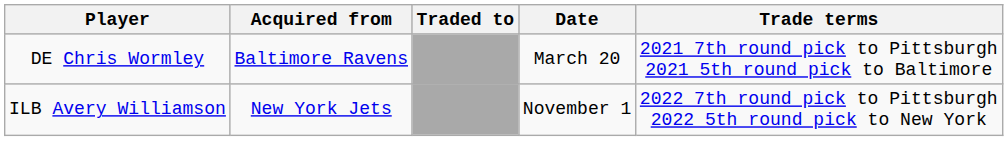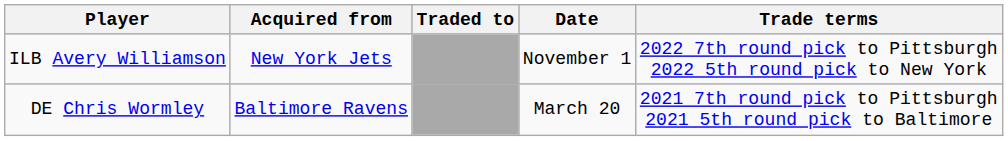 <table class="wikitable" style="text-align:center">
 <tr>
 <th>Player</th>
 <th>Acquired from</th>
 <th>Traded to</th>
 <th>Date</th>
 <th>Trade terms</th>
 </tr>
 <tr>
+<td>ILB <a href='#'>Avery Williamson</a></td>
+<td><a href='#'>New York Jets</a></td>
+<td style="background:darkgray"></td>
+<td>November 1</td>
+<td><a href='#'>2022 7th round pick</a> to Pittsburgh<br><a href='#'>2022 5th round pick</a> to New York</td>
+</tr>
+<tr>
 <td>DE <a href='#'>Chris Wormley</a></td>
 <td><a href='#'>Baltimore Ravens</a></td>
 <td style="background:darkgray"></td>
 <td>March 20</td>
 <td><a href='#'>2021 7th round pick</a> to Pittsburgh<br><a href='#'>2021 5th round pick</a> to Baltimore</td>
 </tr>
-<tr>
-<td>ILB <a href='#'>Avery Williamson</a></td>
-<td><a href='#'>New York Jets</a></td>
-<td style="background:darkgray"></td>
-<td>November 1</td>
-<td><a href='#'>2022 7th round pick</a> to Pittsburgh<br><a href='#'>2022 5th round pick</a> to New York</td>
-</tr>
 </table>
